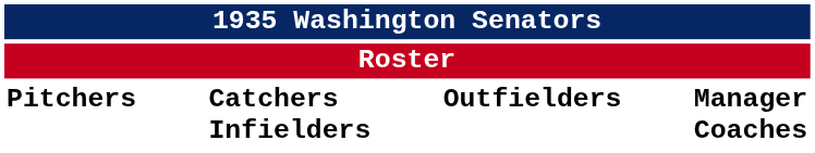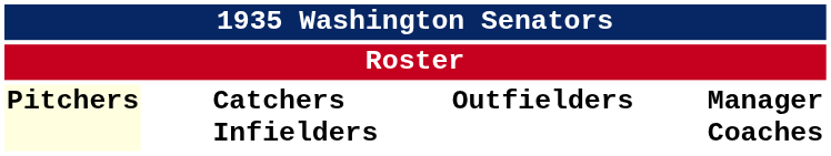 <table class="toccolours" style="font-size: 95%;">
 <tr>
 <th colspan="10" style="background-color: #072764; color: white; text-align: center;">1935 Washington Senators</th>
 </tr>
 <tr>
 <td colspan="10" style="background-color: #c6011f; color: white; text-align: center;"><strong>Roster</strong></td>
 </tr>
 <tr>
-<td valign="top"><strong>Pitchers</strong><br>                </td>
+<td valign="top" style="background: lightyellow;"><strong>Pitchers</strong><br>                </td>
 <td width="25px"></td>
 <td valign="top"><strong>Catchers</strong><br>    <strong>Infielders</strong>          </td>
 <td width="25px"></td>
 <td valign="top"><strong>Outfielders</strong><br>      </td>
 <td width="25px"></td>
 <td valign="top"><strong>Manager</strong><br> <strong>Coaches</strong>   </td>
 </tr>
 <tr>
 </tr>
 </table>
